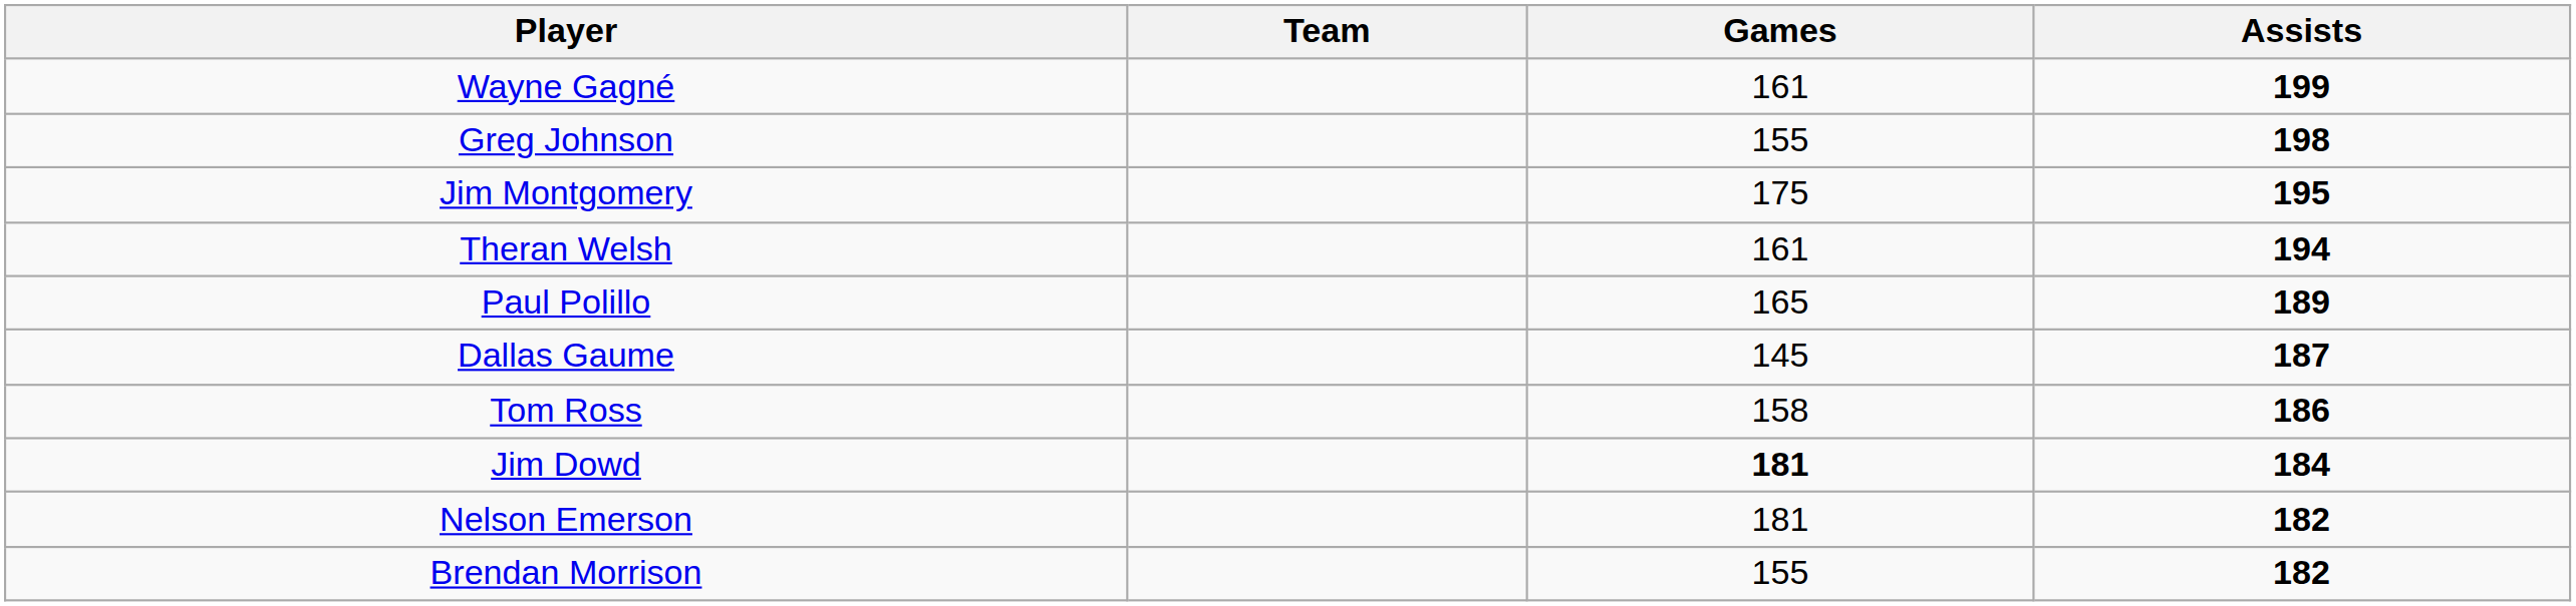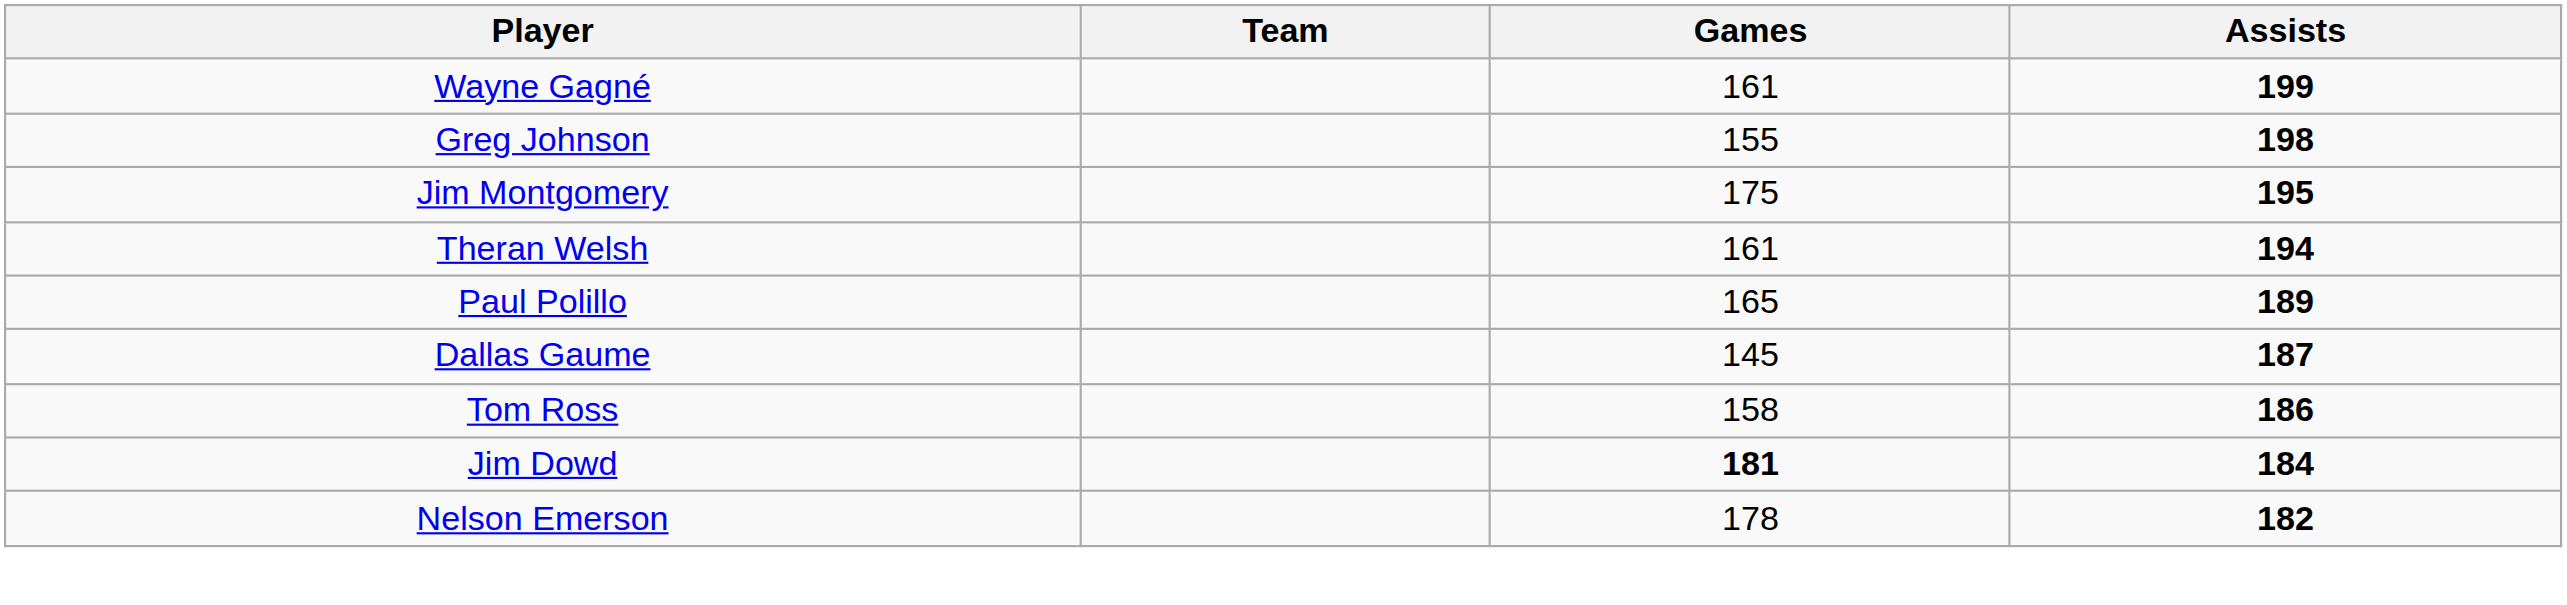 <table class="sortable wikitable" width =95%>
 <tr>
 <th>Player</th>
 <th>Team</th>
 <th>Games</th>
 <th>Assists</th>
 </tr>
 <tr align=center>
 <td><a href='#'>Wayne Gagné</a></td>
 <td><strong><a href='#'></a></strong></td>
 <td>161</td>
 <td><strong>199</strong></td>
 </tr>
 <tr align=center>
 <td><a href='#'>Greg Johnson</a></td>
 <td><strong><a href='#'></a></strong></td>
 <td>155</td>
 <td><strong>198</strong></td>
 </tr>
 <tr align=center>
 <td><a href='#'>Jim Montgomery</a></td>
 <td><strong><a href='#'></a></strong></td>
 <td>175</td>
 <td><strong>195</strong></td>
 </tr>
 <tr align=center>
 <td><a href='#'>Theran Welsh</a></td>
 <td><strong><a href='#'></a></strong></td>
 <td>161</td>
 <td><strong>194</strong></td>
 </tr>
 <tr align=center>
 <td><a href='#'>Paul Polillo</a></td>
 <td><strong><a href='#'></a></strong></td>
 <td>165</td>
 <td><strong>189</strong></td>
 </tr>
 <tr align=center>
 <td><a href='#'>Dallas Gaume</a></td>
 <td><strong><a href='#'></a></strong></td>
 <td>145</td>
 <td><strong>187</strong></td>
 </tr>
 <tr align=center>
 <td><a href='#'>Tom Ross</a></td>
 <td><strong><a href='#'></a></strong></td>
 <td>158</td>
 <td><strong>186</strong></td>
 </tr>
 <tr align=center>
 <td><a href='#'>Jim Dowd</a></td>
 <td><strong><a href='#'></a></strong></td>
 <td><strong>181</strong></td>
 <td><strong>184</strong></td>
 </tr>
 <tr align=center>
 <td><a href='#'>Nelson Emerson</a></td>
 <td><strong><a href='#'></a></strong></td>
-<td>181</td>
-<td><strong>182</strong></td>
-</tr>
-<tr align=center>
-<td><a href='#'>Brendan Morrison</a></td>
-<td><strong><a href='#'></a></strong></td>
-<td>155</td>
+<td>178</td>
 <td><strong>182</strong></td>
 </tr>
 </table>
